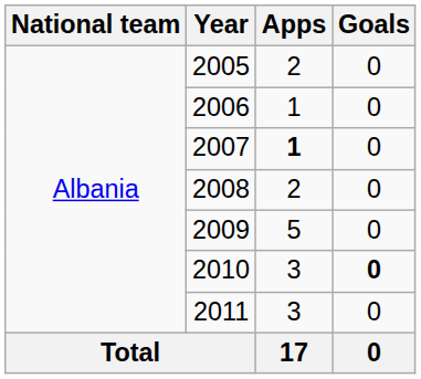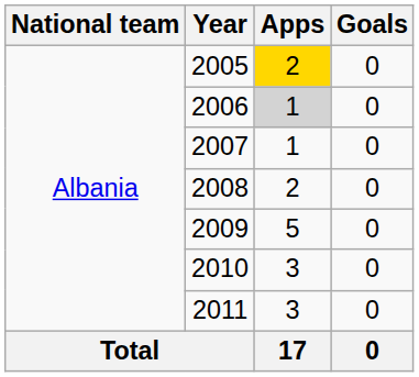 <table class=wikitable style="text-align: center;">
 <tr>
 <th>National team</th>
 <th>Year</th>
 <th>Apps</th>
 <th>Goals</th>
 </tr>
 <tr>
 <td rowspan="7"><a href='#'>Albania</a></td>
 <td>2005</td>
-<td>2</td>
+<td style="background: gold;">2</td>
 <td>0</td>
 </tr>
 <tr>
 <td>2006</td>
-<td>1</td>
+<td style="background: lightgrey;">1</td>
 <td>0</td>
 </tr>
 <tr>
 <td>2007</td>
-<td><strong>1</strong></td>
+<td>1</td>
 <td>0</td>
 </tr>
 <tr>
 <td>2008</td>
 <td>2</td>
 <td>0</td>
 </tr>
 <tr>
 <td>2009</td>
 <td>5</td>
 <td>0</td>
 </tr>
 <tr>
 <td>2010</td>
 <td>3</td>
-<td><strong>0</strong></td>
+<td>0</td>
 </tr>
 <tr>
 <td>2011</td>
 <td>3</td>
 <td>0</td>
 </tr>
 <tr>
 <th colspan="2">Total</th>
 <th>17</th>
 <th>0</th>
 </tr>
 </table>
